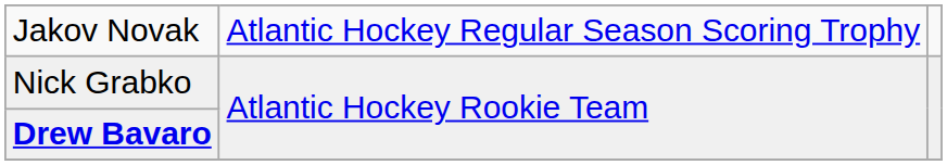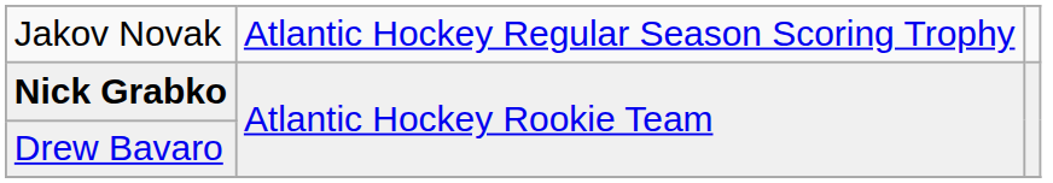 <table class="wikitable">
 <tr>
 <td>Jakov Novak</td>
 <td><a href='#'>Atlantic Hockey Regular Season Scoring Trophy</a></td>
 <td></td>
 </tr>
 <tr bgcolor=f0f0f0>
-<td>Nick Grabko</td>
+<td><strong>Nick Grabko</strong></td>
 <td rowspan=2><a href='#'>Atlantic Hockey Rookie Team</a></td>
 <td rowspan=2></td>
 </tr>
 <tr bgcolor=f0f0f0>
-<td><strong><a href='#'>Drew Bavaro</a></strong></td>
+<td><a href='#'>Drew Bavaro</a></td>
 </tr>
 <tr>
 </tr>
 </table>
